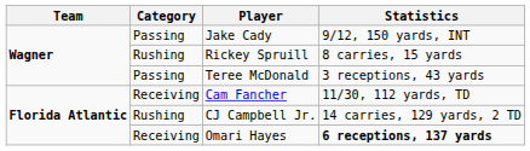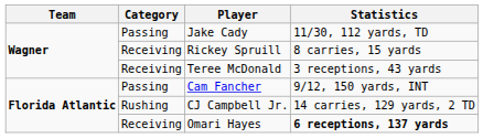 <table class="wikitable" style="float: right;">
 <tr>
 <th>Team</th>
 <th>Category</th>
 <th>Player</th>
 <th>Statistics</th>
 </tr>
 <tr>
 <td rowspan=3><strong>Wagner</strong></td>
 <td>Passing</td>
 <td>Jake Cady</td>
-<td>9/12, 150 yards, INT</td>
+<td>11/30, 112 yards, TD</td>
 </tr>
 <tr>
-<td>Rushing</td>
+<td>Receiving</td>
 <td>Rickey Spruill</td>
 <td>8 carries, 15 yards</td>
 </tr>
 <tr>
-<td>Passing</td>
+<td>Receiving</td>
 <td>Teree McDonald</td>
 <td>3 receptions, 43 yards</td>
 </tr>
 <tr>
 <td rowspan=3><strong>Florida Atlantic</strong></td>
-<td>Receiving</td>
+<td>Passing</td>
 <td><a href='#'>Cam Fancher</a></td>
-<td>11/30, 112 yards, TD</td>
+<td>9/12, 150 yards, INT</td>
 </tr>
 <tr>
 <td>Rushing</td>
 <td>CJ Campbell Jr.</td>
 <td>14 carries, 129 yards, 2 TD</td>
 </tr>
 <tr>
 <td>Receiving</td>
 <td>Omari Hayes</td>
 <td><strong>6 receptions, 137 yards</strong></td>
 </tr>
 </table>
